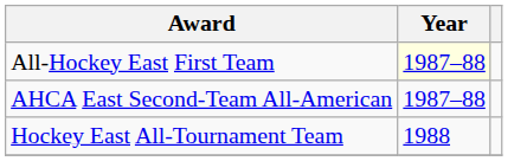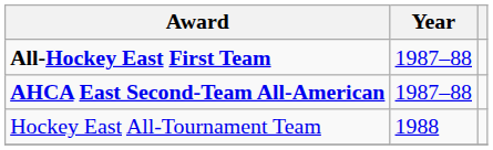 <table class="wikitable">
 <tr>
 <th>Award</th>
 <th>Year</th>
 <th></th>
 </tr>
 <tr>
-<td>All-<a href='#'>Hockey East</a> <a href='#'>First Team</a></td>
-<td style="background: lightyellow;"><a href='#'>1987–88</a></td>
+<td><strong>All-<a href='#'>Hockey East</a> <a href='#'>First Team</a></strong></td>
+<td><a href='#'>1987–88</a></td>
 <td></td>
 </tr>
 <tr>
-<td><a href='#'>AHCA</a> <a href='#'>East Second-Team All-American</a></td>
+<td><strong><a href='#'>AHCA</a> <a href='#'>East Second-Team All-American</a></strong></td>
 <td><a href='#'>1987–88</a></td>
 <td></td>
 </tr>
 <tr>
 <td><a href='#'>Hockey East</a> <a href='#'>All-Tournament Team</a></td>
 <td><a href='#'>1988</a></td>
 <td></td>
 </tr>
 <tr>
 </tr>
 </table>
